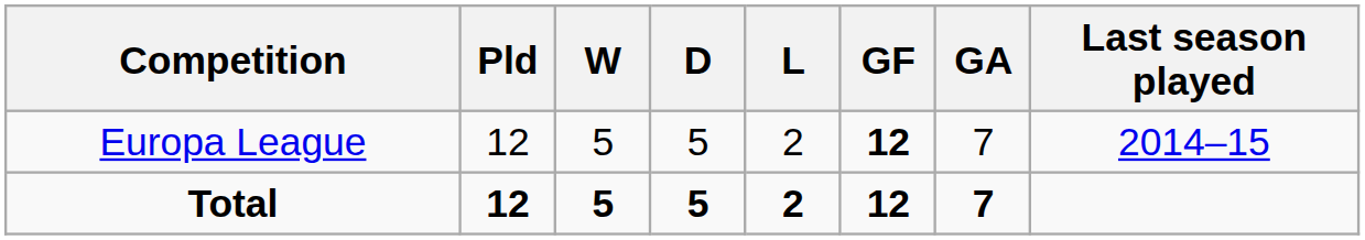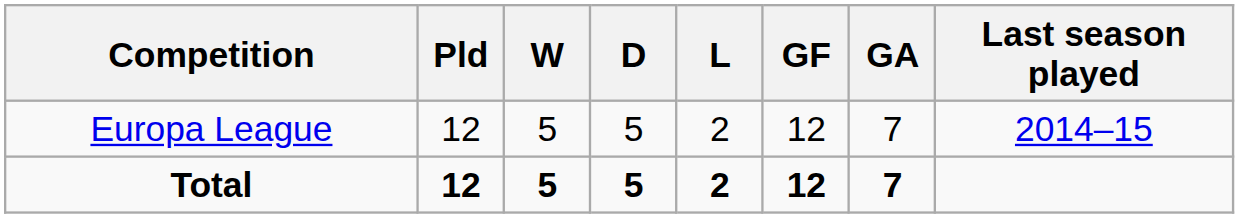 <table class="wikitable" style="font-size:95%; text-align: center;">
 <tr>
 <th width="170">Competition</th>
 <th width="30">Pld</th>
 <th width="30">W</th>
 <th width="30">D</th>
 <th width="30">L</th>
 <th width="30">GF</th>
 <th width="30">GA</th>
 <th width="120">Last season played</th>
 </tr>
 <tr>
 <td><a href='#'>Europa League</a></td>
 <td>12</td>
 <td>5</td>
 <td>5</td>
 <td>2</td>
-<td><strong>12</strong></td>
+<td>12</td>
 <td>7</td>
 <td><a href='#'>2014–15</a></td>
 </tr>
 <tr>
 <td><strong>Total</strong></td>
 <td><strong>12</strong></td>
 <td><strong>5</strong></td>
 <td><strong>5</strong></td>
 <td><strong>2</strong></td>
 <td><strong>12</strong></td>
 <td><strong>7</strong></td>
 </tr>
 </table>
